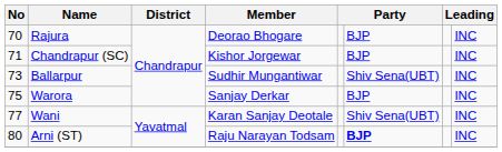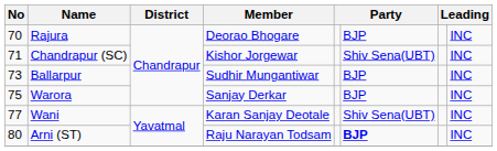 <table class="wikitable">
 <tr>
 <th>No</th>
 <th>Name</th>
 <th>District</th>
 <th>Member</th>
 <th colspan="2">Party</th>
 <th colspan=2>Leading<br></th>
 </tr>
 <tr>
 <td>70</td>
 <td><a href='#'>Rajura</a></td>
 <td rowspan="4"><a href='#'>Chandrapur</a></td>
 <td><a href='#'>Deorao Bhogare</a></td>
 <td style="background-color: "></td>
 <td><a href='#'>BJP</a></td>
 <td style="background-color: "></td>
 <td><a href='#'>INC</a></td>
 </tr>
 <tr>
 <td>71</td>
 <td><a href='#'>Chandrapur</a> (SC)</td>
 <td><a href='#'>Kishor Jorgewar</a></td>
 <td style="background-color: "></td>
-<td><a href='#'>BJP</a></td>
+<td><a href='#'>Shiv Sena(UBT)</a></td>
 <td style="background-color: "></td>
 <td><a href='#'>INC</a></td>
 </tr>
 <tr>
 <td>73</td>
 <td><a href='#'>Ballarpur</a></td>
 <td><a href='#'>Sudhir Mungantiwar</a></td>
 <td style="background-color: "></td>
-<td><a href='#'>Shiv Sena(UBT)</a></td>
+<td><a href='#'>BJP</a></td>
 <td style="background-color: "></td>
 <td><a href='#'>INC</a></td>
 </tr>
 <tr>
 <td>75</td>
 <td><a href='#'>Warora</a></td>
 <td><a href='#'>Sanjay Derkar</a></td>
 <td style="background-color: "></td>
 <td><a href='#'>BJP</a></td>
 <td style="background-color: "></td>
 <td><a href='#'>INC</a></td>
 </tr>
 <tr>
 <td>77</td>
 <td><a href='#'>Wani</a></td>
 <td rowspan="2"><a href='#'>Yavatmal</a></td>
 <td><a href='#'>Karan Sanjay Deotale</a></td>
 <td style="background-color: "></td>
 <td><a href='#'>Shiv Sena(UBT)</a></td>
 <td style="background-color: "></td>
 <td><a href='#'>INC</a></td>
 </tr>
 <tr>
 <td>80</td>
 <td><a href='#'>Arni</a> (ST)</td>
 <td><a href='#'>Raju Narayan Todsam</a></td>
 <td style="background-color: "></td>
 <td><strong><a href='#'>BJP</a></strong></td>
 <td style="background-color: "></td>
 <td><a href='#'>INC</a></td>
 </tr>
 <tr>
 </tr>
 </table>
